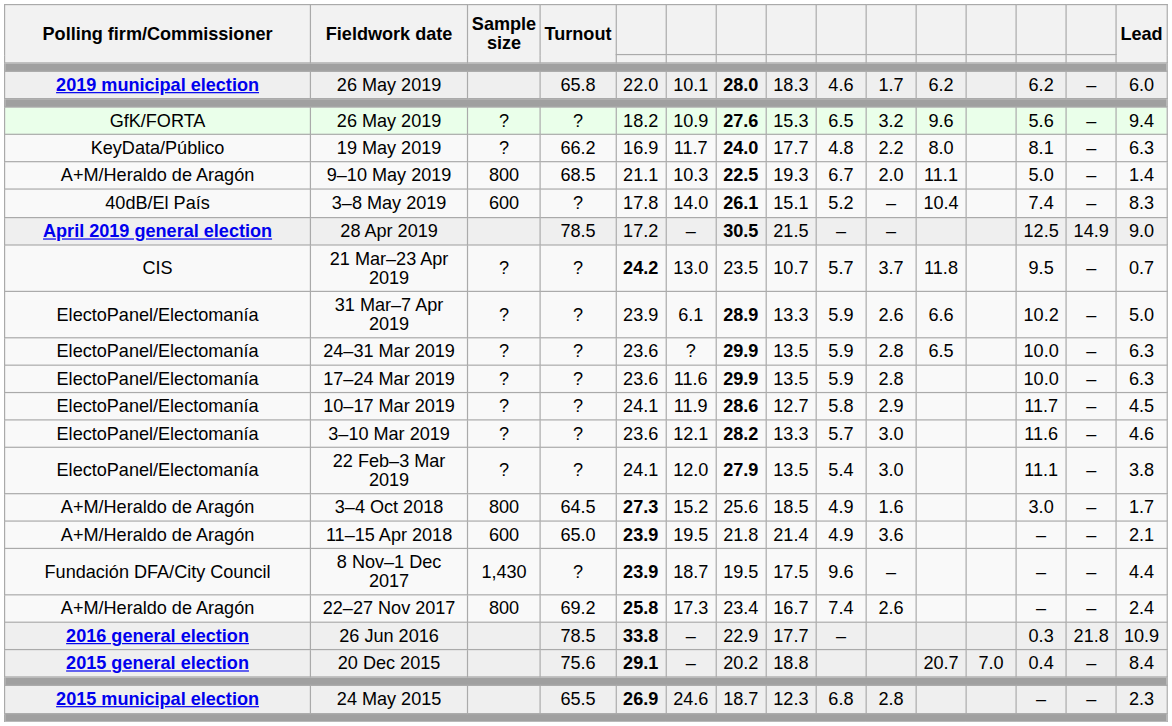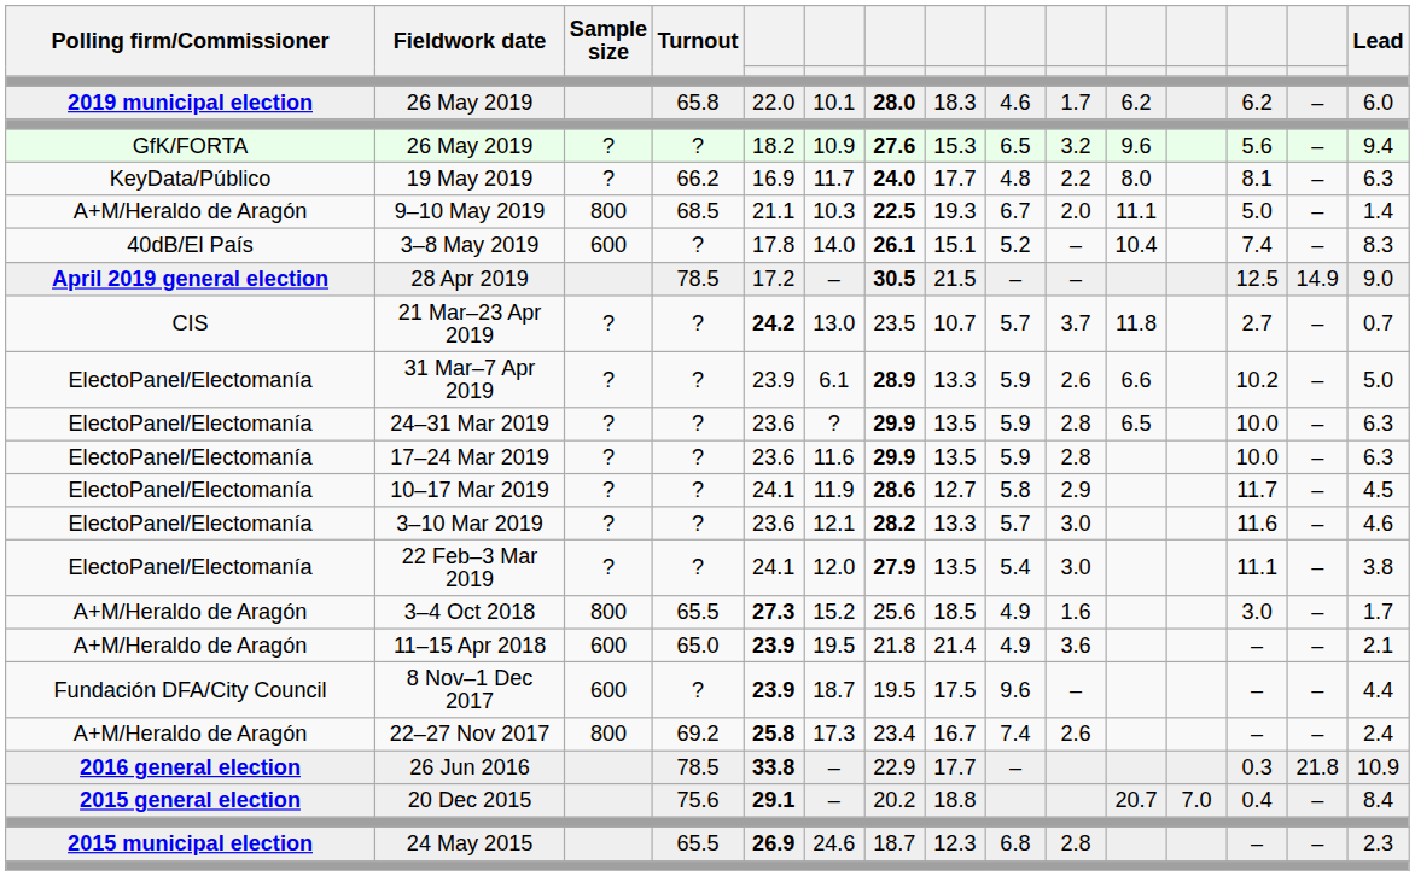 <table class="wikitable collapsible collapsed" style="text-align:center; font-size:95%; line-height:16px;">
 <tr style="height:42px;">
 <th style="width:250px;" rowspan="2">Polling firm/Commissioner</th>
 <th style="width:125px;" rowspan="2">Fieldwork date</th>
 <th style="width:50px;" rowspan="2">Sample size</th>
 <th style="width:45px;" rowspan="2">Turnout</th>
 <th style="width:35px;"></th>
 <th style="width:35px;"></th>
 <th style="width:35px;"></th>
 <th style="width:35px;"></th>
 <th style="width:35px;"></th>
 <th style="width:35px;"></th>
 <th style="width:35px;"></th>
 <th style="width:35px;"></th>
 <th style="width:35px;"></th>
 <th style="width:35px;"></th>
 <th style="width:30px;" rowspan="2">Lead</th>
 </tr>
 <tr>
 <th style="color:inherit;background:"></th>
 <th style="color:inherit;background:"></th>
 <th style="color:inherit;background:"></th>
 <th style="color:inherit;background:"></th>
 <th style="color:inherit;background:"></th>
 <th style="color:inherit;background:"></th>
 <th style="color:inherit;background:"></th>
 <th style="color:inherit;background:"></th>
 <th style="color:inherit;background:"></th>
 <th style="color:inherit;background:"></th>
 </tr>
 <tr>
 <td colspan="15" style="background:#A0A0A0"></td>
 </tr>
 <tr style="background:#EFEFEF;">
 <td><strong><a href='#'>2019 municipal election</a></strong></td>
 <td>26 May 2019</td>
 <td></td>
 <td>65.8</td>
 <td>22.0<br></td>
 <td>10.1<br></td>
 <td><strong>28.0</strong><br></td>
 <td>18.3<br></td>
 <td>4.6<br></td>
 <td>1.7<br></td>
 <td>6.2<br></td>
 <td></td>
 <td>6.2<br></td>
 <td>–</td>
 <td style="background:">6.0</td>
 </tr>
 <tr>
 <td colspan="15" style="background:#A0A0A0"></td>
 </tr>
 <tr style="background:#EAFFEA;">
 <td>GfK/FORTA</td>
 <td>26 May 2019</td>
 <td>?</td>
 <td>?</td>
 <td>18.2<br></td>
 <td>10.9<br></td>
 <td><strong>27.6</strong><br></td>
 <td>15.3<br></td>
 <td>6.5<br></td>
 <td>3.2<br></td>
 <td>9.6<br></td>
 <td></td>
 <td>5.6<br></td>
 <td>–</td>
 <td style="background:">9.4</td>
 </tr>
 <tr>
 <td>KeyData/Público</td>
 <td>19 May 2019</td>
 <td>?</td>
 <td>66.2</td>
 <td>16.9<br></td>
 <td>11.7<br></td>
 <td><strong>24.0</strong><br></td>
 <td>17.7<br></td>
 <td>4.8<br></td>
 <td>2.2<br></td>
 <td>8.0<br></td>
 <td></td>
 <td>8.1<br></td>
 <td>–</td>
 <td style="background:">6.3</td>
 </tr>
 <tr>
 <td>A+M/Heraldo de Aragón</td>
 <td>9–10 May 2019</td>
 <td>800</td>
 <td>68.5</td>
 <td>21.1<br></td>
 <td>10.3<br></td>
 <td><strong>22.5</strong><br></td>
 <td>19.3<br></td>
 <td>6.7<br></td>
 <td>2.0<br></td>
 <td>11.1<br></td>
 <td></td>
 <td>5.0<br></td>
 <td>–</td>
 <td style="background:">1.4</td>
 </tr>
 <tr>
 <td>40dB/El País</td>
 <td>3–8 May 2019</td>
 <td>600</td>
 <td>?</td>
 <td>17.8<br></td>
 <td>14.0<br></td>
 <td><strong>26.1</strong><br></td>
 <td>15.1<br></td>
 <td>5.2<br></td>
 <td>–</td>
 <td>10.4<br></td>
 <td></td>
 <td>7.4<br></td>
 <td>–</td>
 <td style="background:">8.3</td>
 </tr>
 <tr style="background:#EFEFEF;">
 <td><strong><a href='#'>April 2019 general election</a></strong></td>
 <td>28 Apr 2019</td>
 <td></td>
 <td>78.5</td>
 <td>17.2<br></td>
 <td>–</td>
 <td><strong>30.5</strong><br></td>
 <td>21.5<br></td>
 <td>–</td>
 <td>–</td>
 <td></td>
 <td></td>
 <td>12.5<br></td>
 <td>14.9<br></td>
 <td style="background:">9.0</td>
 </tr>
 <tr>
 <td>CIS</td>
 <td>21 Mar–23 Apr 2019</td>
 <td>?</td>
 <td>?</td>
 <td><strong>24.2</strong><br></td>
 <td>13.0<br></td>
 <td>23.5<br></td>
 <td>10.7<br></td>
 <td>5.7<br></td>
 <td>3.7<br></td>
 <td>11.8<br></td>
 <td></td>
-<td>9.5<br></td>
+<td>2.7<br></td>
 <td>–</td>
 <td style="background:">0.7</td>
 </tr>
 <tr>
 <td>ElectoPanel/Electomanía</td>
 <td>31 Mar–7 Apr 2019</td>
 <td>?</td>
 <td>?</td>
 <td>23.9<br></td>
 <td>6.1<br></td>
 <td><strong>28.9</strong><br></td>
 <td>13.3<br></td>
 <td>5.9<br></td>
 <td>2.6<br></td>
 <td>6.6<br></td>
 <td></td>
 <td>10.2<br></td>
 <td>–</td>
 <td style="background:">5.0</td>
 </tr>
 <tr>
 <td>ElectoPanel/Electomanía</td>
 <td>24–31 Mar 2019</td>
 <td>?</td>
 <td>?</td>
 <td>23.6<br></td>
 <td>?<br></td>
 <td><strong>29.9</strong><br></td>
 <td>13.5<br></td>
 <td>5.9<br></td>
 <td>2.8<br></td>
 <td>6.5<br></td>
 <td></td>
 <td>10.0<br></td>
 <td>–</td>
 <td style="background:">6.3</td>
 </tr>
 <tr>
 <td>ElectoPanel/Electomanía</td>
 <td>17–24 Mar 2019</td>
 <td>?</td>
 <td>?</td>
 <td>23.6<br></td>
 <td>11.6<br></td>
 <td><strong>29.9</strong><br></td>
 <td>13.5<br></td>
 <td>5.9<br></td>
 <td>2.8<br></td>
 <td></td>
 <td></td>
 <td>10.0<br></td>
 <td>–</td>
 <td style="background:">6.3</td>
 </tr>
 <tr>
 <td>ElectoPanel/Electomanía</td>
 <td>10–17 Mar 2019</td>
 <td>?</td>
 <td>?</td>
 <td>24.1<br></td>
 <td>11.9<br></td>
 <td><strong>28.6</strong><br></td>
 <td>12.7<br></td>
 <td>5.8<br></td>
 <td>2.9<br></td>
 <td></td>
 <td></td>
 <td>11.7<br></td>
 <td>–</td>
 <td style="background:">4.5</td>
 </tr>
 <tr>
 <td>ElectoPanel/Electomanía</td>
 <td>3–10 Mar 2019</td>
 <td>?</td>
 <td>?</td>
 <td>23.6<br></td>
 <td>12.1<br></td>
 <td><strong>28.2</strong><br></td>
 <td>13.3<br></td>
 <td>5.7<br></td>
 <td>3.0<br></td>
 <td></td>
 <td></td>
 <td>11.6<br></td>
 <td>–</td>
 <td style="background:">4.6</td>
 </tr>
 <tr>
 <td>ElectoPanel/Electomanía</td>
 <td>22 Feb–3 Mar 2019</td>
 <td>?</td>
 <td>?</td>
 <td>24.1<br></td>
 <td>12.0<br></td>
 <td><strong>27.9</strong><br></td>
 <td>13.5<br></td>
 <td>5.4<br></td>
 <td>3.0<br></td>
 <td></td>
 <td></td>
 <td>11.1<br></td>
 <td>–</td>
 <td style="background:">3.8</td>
 </tr>
 <tr>
 <td>A+M/Heraldo de Aragón</td>
 <td>3–4 Oct 2018</td>
 <td>800</td>
-<td>64.5</td>
+<td>65.5</td>
 <td><strong>27.3</strong><br></td>
 <td>15.2<br></td>
 <td>25.6<br></td>
 <td>18.5<br></td>
 <td>4.9<br></td>
 <td>1.6<br></td>
 <td></td>
 <td></td>
 <td>3.0<br></td>
 <td>–</td>
 <td style="background:">1.7</td>
 </tr>
 <tr>
 <td>A+M/Heraldo de Aragón</td>
 <td>11–15 Apr 2018</td>
 <td>600</td>
 <td>65.0</td>
 <td><strong>23.9</strong><br></td>
 <td>19.5<br></td>
 <td>21.8<br></td>
 <td>21.4<br></td>
 <td>4.9<br></td>
 <td>3.6<br></td>
 <td></td>
 <td></td>
 <td>–</td>
 <td>–</td>
 <td style="background:">2.1</td>
 </tr>
 <tr>
 <td>Fundación DFA/City Council</td>
 <td>8 Nov–1 Dec 2017</td>
-<td>1,430</td>
+<td>600</td>
 <td>?</td>
 <td><strong>23.9</strong><br></td>
 <td>18.7<br></td>
 <td>19.5<br></td>
 <td>17.5<br></td>
 <td>9.6<br></td>
 <td>–</td>
 <td></td>
 <td></td>
 <td>–</td>
 <td>–</td>
 <td style="background:">4.4</td>
 </tr>
 <tr>
 <td>A+M/Heraldo de Aragón</td>
 <td>22–27 Nov 2017</td>
 <td>800</td>
 <td>69.2</td>
 <td><strong>25.8</strong><br></td>
 <td>17.3<br></td>
 <td>23.4<br></td>
 <td>16.7<br></td>
 <td>7.4<br></td>
 <td>2.6<br></td>
 <td></td>
 <td></td>
 <td>–</td>
 <td>–</td>
 <td style="background:">2.4</td>
 </tr>
 <tr style="background:#EFEFEF;">
 <td><strong><a href='#'>2016 general election</a></strong></td>
 <td>26 Jun 2016</td>
 <td></td>
 <td>78.5</td>
 <td><strong>33.8</strong><br></td>
 <td>–</td>
 <td>22.9<br></td>
 <td>17.7<br></td>
 <td>–</td>
 <td></td>
 <td></td>
 <td></td>
 <td>0.3<br></td>
 <td>21.8<br></td>
 <td style="background:">10.9</td>
 </tr>
 <tr style="background:#EFEFEF;">
 <td><strong><a href='#'>2015 general election</a></strong></td>
 <td>20 Dec 2015</td>
 <td></td>
 <td>75.6</td>
 <td><strong>29.1</strong><br></td>
 <td>–</td>
 <td>20.2<br></td>
 <td>18.8<br></td>
 <td></td>
 <td></td>
 <td>20.7<br></td>
 <td>7.0<br></td>
 <td>0.4<br></td>
 <td>–</td>
 <td style="background:">8.4</td>
 </tr>
 <tr>
 <td colspan="15" style="background:#A0A0A0"></td>
 </tr>
 <tr style="background:#EFEFEF;">
 <td><strong><a href='#'>2015 municipal election</a></strong></td>
 <td>24 May 2015</td>
 <td></td>
 <td>65.5</td>
 <td><strong>26.9</strong><br></td>
 <td>24.6<br></td>
 <td>18.7<br></td>
 <td>12.3<br></td>
 <td>6.8<br></td>
 <td>2.8<br></td>
 <td></td>
 <td></td>
 <td>–</td>
 <td>–</td>
 <td style="background:">2.3</td>
 </tr>
 <tr>
 <td colspan="15" style="background:#A0A0A0"></td>
 </tr>
 </table>
